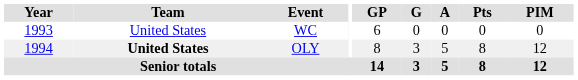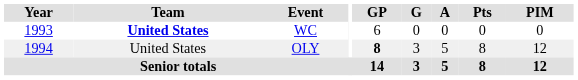 <table border="0" cellpadding="1" cellspacing="0" ID="Table3" style="text-align:center; width:40em">
 <tr bgcolor="#e0e0e0">
 <th>Year</th>
 <th>Team</th>
 <th>Event</th>
 <th rowspan="102" bgcolor="#ffffff"></th>
 <th>GP</th>
 <th>G</th>
 <th>A</th>
 <th>Pts</th>
 <th>PIM</th>
 </tr>
 <tr>
 <td><a href='#'>1993</a></td>
-<td><a href='#'>United States</a></td>
+<td><strong><a href='#'>United States</a></strong></td>
 <td><a href='#'>WC</a></td>
 <td>6</td>
 <td>0</td>
 <td>0</td>
 <td>0</td>
 <td>0</td>
 </tr>
 <tr bgcolor="#f0f0f0">
 <td><a href='#'>1994</a></td>
-<td><strong>United States</strong></td>
+<td>United States</td>
 <td><a href='#'>OLY</a></td>
-<td>8</td>
+<td><strong>8</strong></td>
 <td>3</td>
 <td>5</td>
 <td>8</td>
 <td>12</td>
 </tr>
 <tr bgcolor="#e0e0e0">
 <th colspan="4">Senior totals</th>
 <th>14</th>
 <th>3</th>
 <th>5</th>
 <th>8</th>
 <th>12</th>
 </tr>
 </table>
